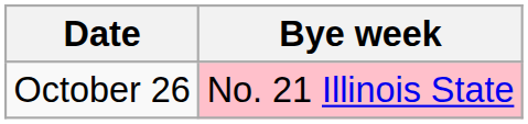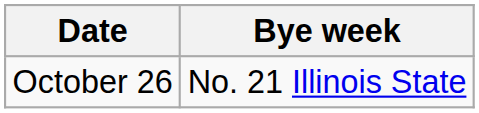 <table class="wikitable" style="font-size:95%;">
 <tr>
 <th>Date</th>
 <th>Bye week</th>
 </tr>
 <tr>
 <td>October 26</td>
-<td style="background: pink;">No. 21 <a href='#'>Illinois State</a></td>
+<td>No. 21 <a href='#'>Illinois State</a></td>
 </tr>
 </table>
